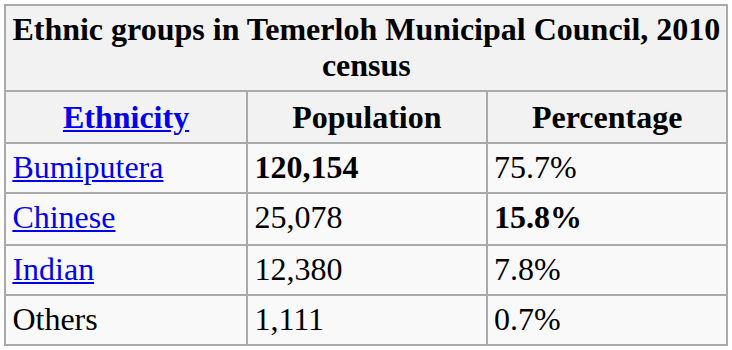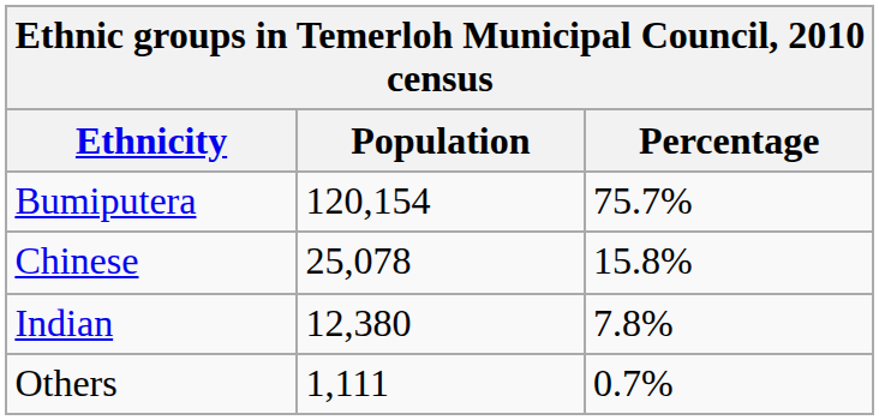 <table class="wikitable">
 <tr>
 <th style="text-align:center;" colspan="3">Ethnic groups in Temerloh Municipal Council, 2010<br>census</th>
 </tr>
 <tr>
 <th><a href='#'>Ethnicity</a></th>
 <th>Population</th>
 <th>Percentage</th>
 </tr>
 <tr>
 <td><a href='#'>Bumiputera</a></td>
-<td><strong>120,154</strong></td>
+<td>120,154</td>
 <td>75.7%</td>
 </tr>
 <tr>
 <td><a href='#'>Chinese</a></td>
 <td>25,078</td>
-<td><strong>15.8%</strong></td>
+<td>15.8%</td>
 </tr>
 <tr>
 <td><a href='#'>Indian</a></td>
 <td>12,380</td>
 <td>7.8%</td>
 </tr>
 <tr>
 <td>Others</td>
 <td>1,111</td>
 <td>0.7%</td>
 </tr>
 <tr>
 </tr>
 </table>
